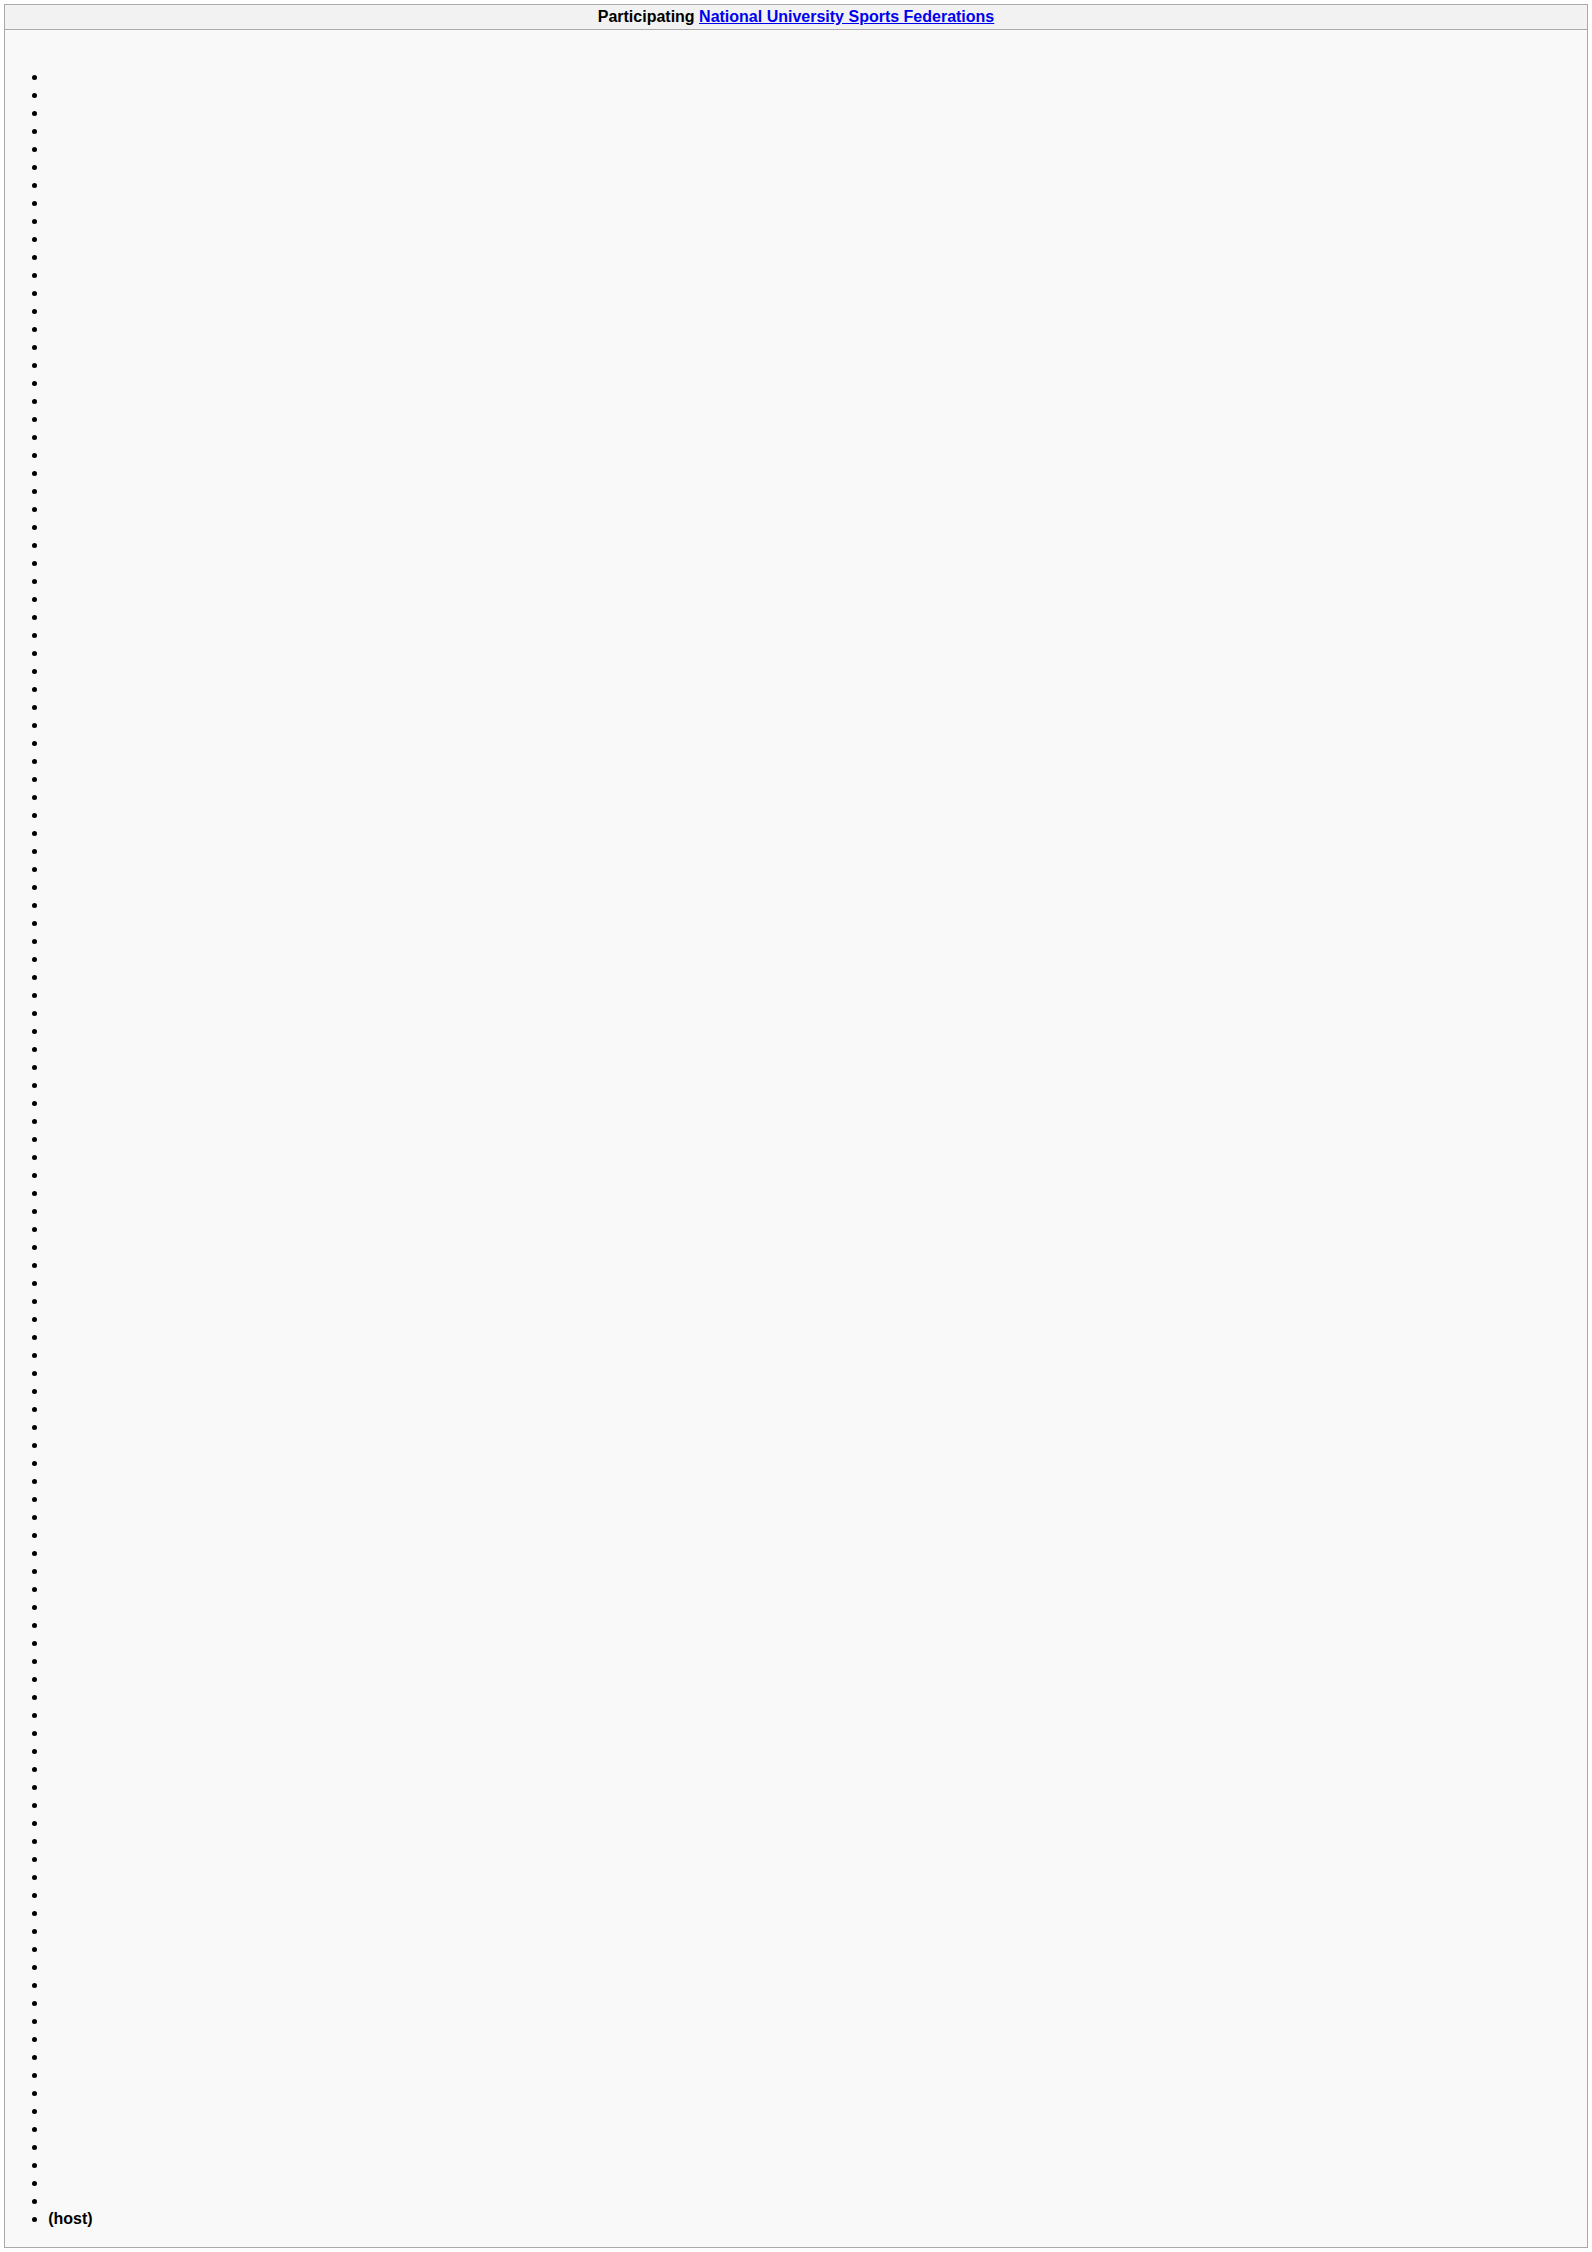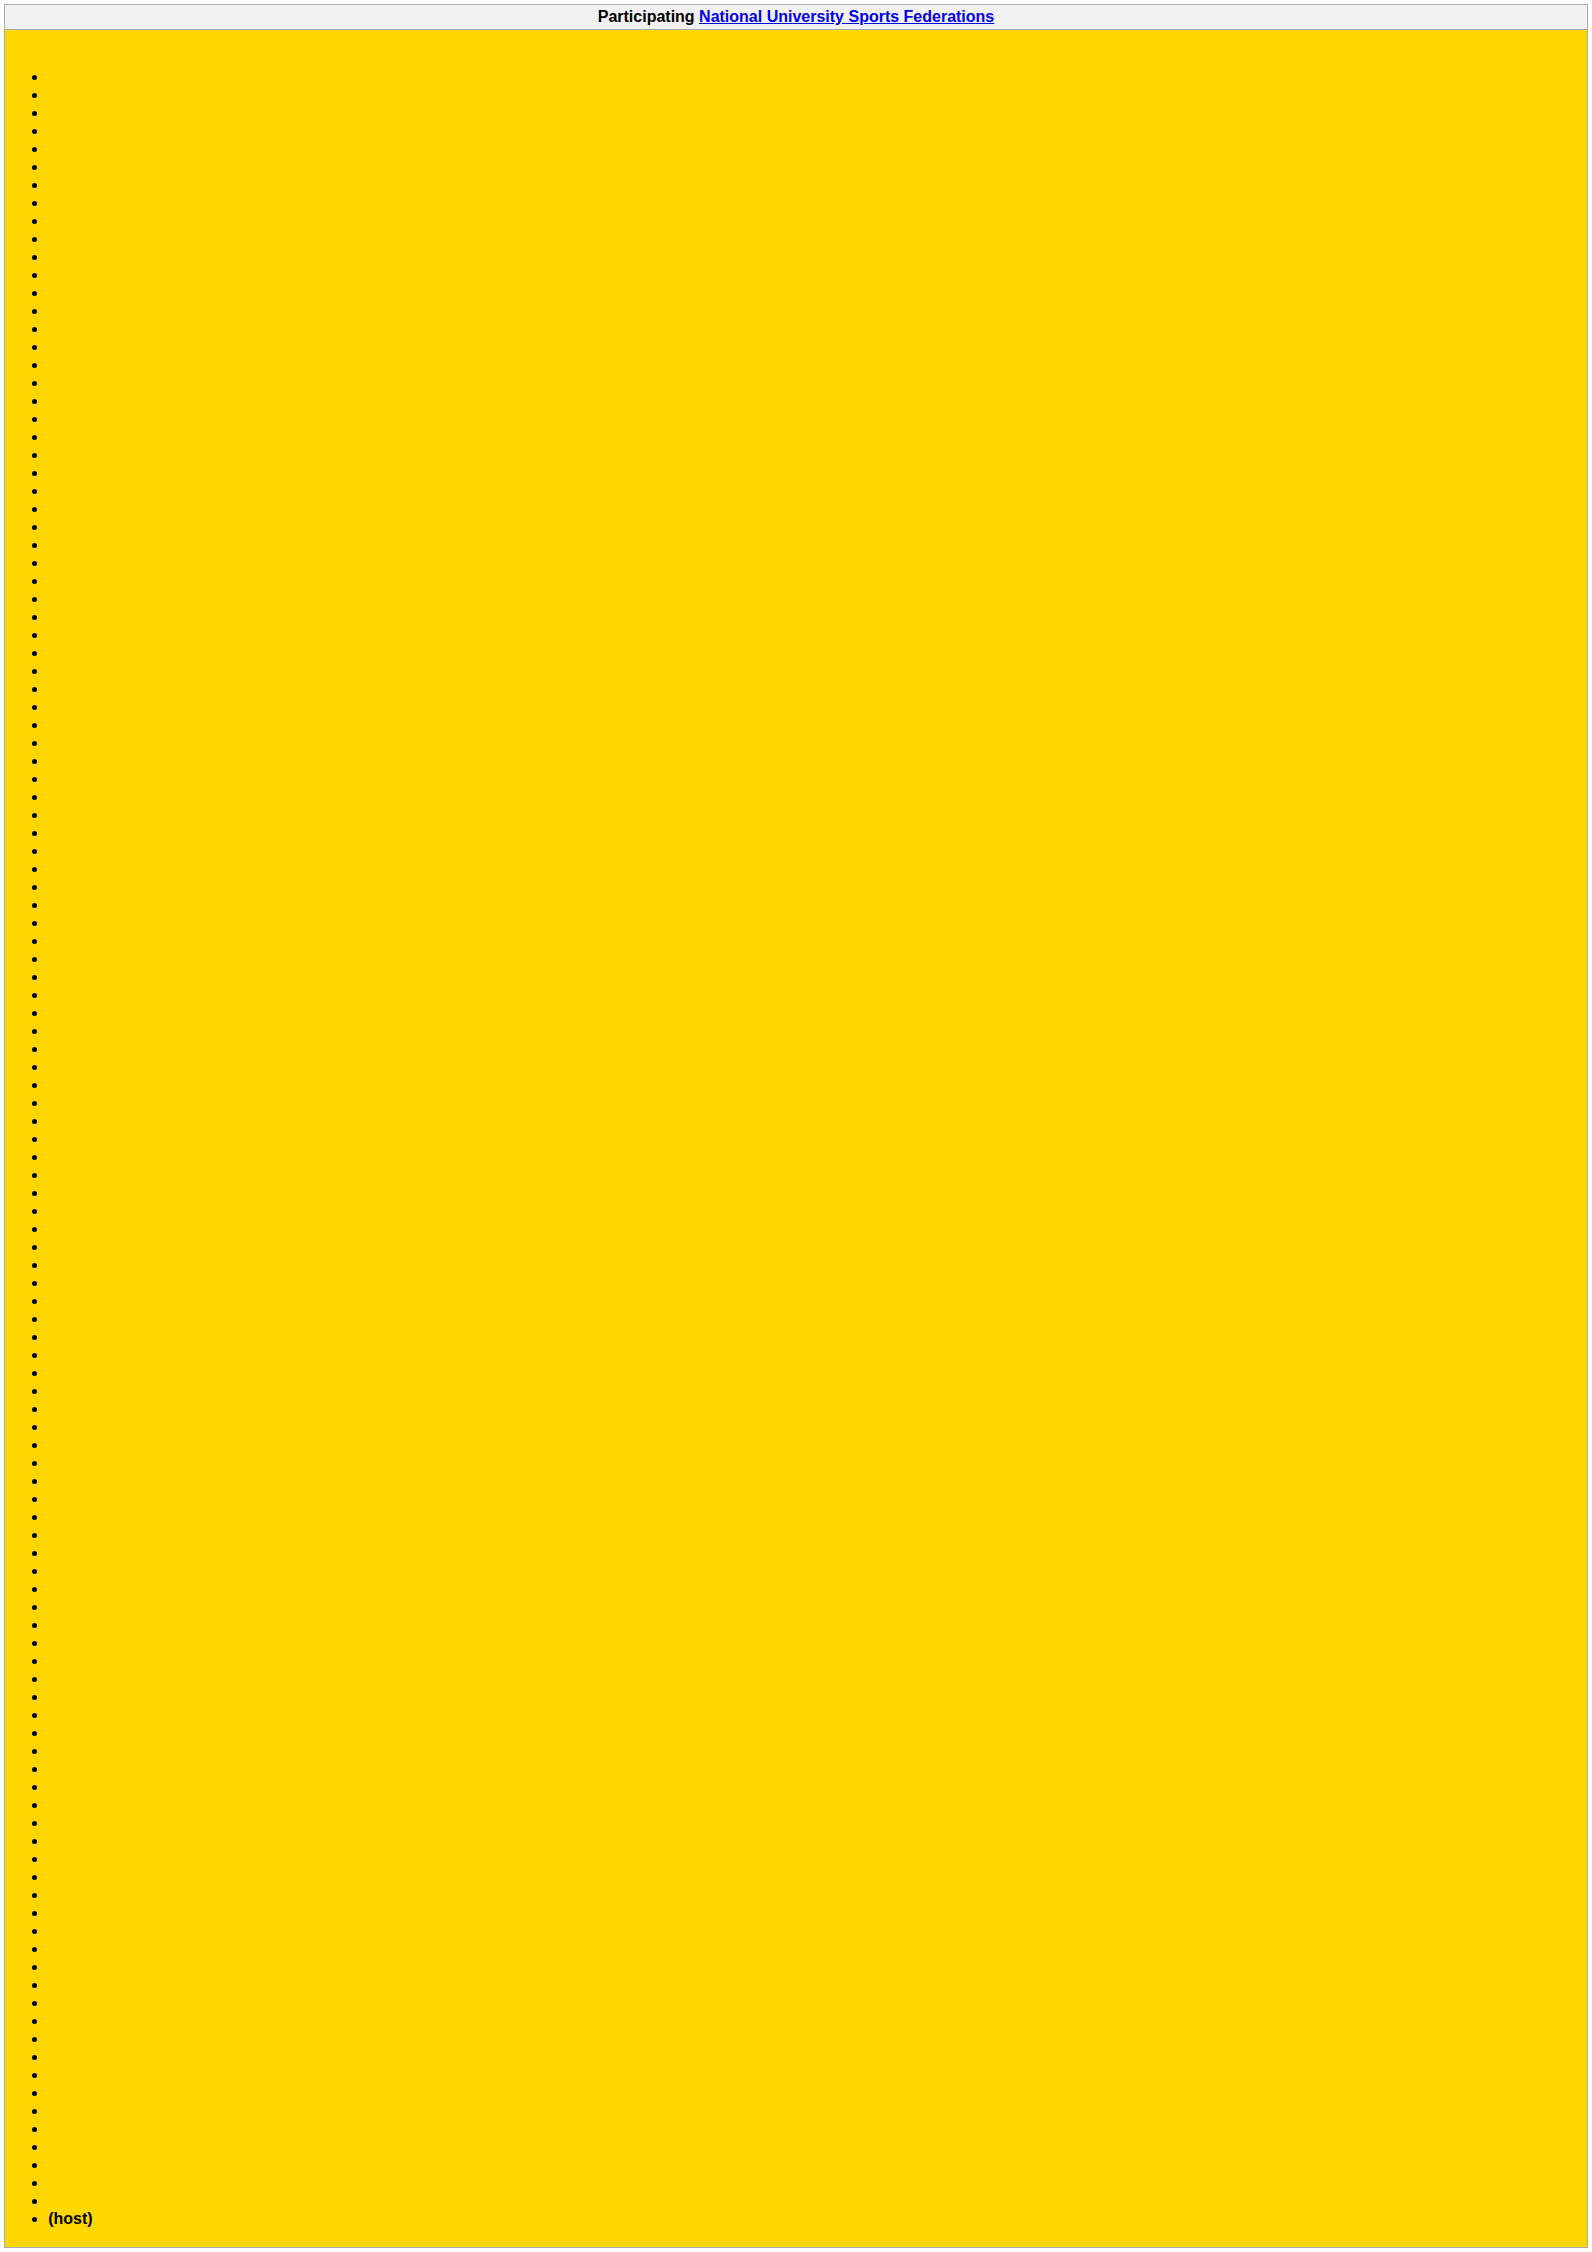 <table class="wikitable collapsible" style="width:100%;">
 <tr>
 <th>Participating <a href='#'>National University Sports Federations</a></th>
 </tr>
 <tr>
-<td><br><ul><li></li><li></li><li></li><li></li><li></li><li></li><li></li><li></li><li></li><li> </li><li></li><li></li><li></li><li></li><li></li><li></li><li></li><li></li><li></li><li></li><li></li><li></li><li></li><li></li><li></li><li></li><li></li><li></li><li></li><li></li><li> </li><li></li><li></li><li></li><li></li><li></li><li></li><li></li><li></li><li></li><li></li><li></li><li></li><li></li><li></li><li></li><li></li><li></li><li></li><li></li><li></li><li></li><li></li><li></li><li></li><li></li><li></li><li></li><li></li><li></li><li></li><li></li><li></li><li></li><li></li><li></li><li></li><li></li><li></li><li></li><li></li><li></li><li></li><li></li><li></li><li></li><li></li><li></li><li></li><li></li><li></li><li></li><li></li><li></li><li></li><li> </li><li></li><li></li><li></li><li></li><li></li><li></li><li></li><li></li><li></li><li></li><li></li><li></li><li></li><li></li><li></li><li></li><li></li><li></li><li></li><li></li><li></li><li> </li><li></li><li></li><li></li><li></li><li></li><li></li><li></li><li></li><li></li><li></li><li></li><li><strong> (host)</strong></li></ul></td>
+<td style="background: gold;"><br><ul><li></li><li></li><li></li><li></li><li></li><li></li><li></li><li></li><li></li><li> </li><li></li><li></li><li></li><li></li><li></li><li></li><li></li><li></li><li></li><li></li><li></li><li></li><li></li><li></li><li></li><li></li><li></li><li></li><li></li><li></li><li> </li><li></li><li></li><li></li><li></li><li></li><li></li><li></li><li></li><li></li><li></li><li></li><li></li><li></li><li></li><li></li><li></li><li></li><li></li><li></li><li></li><li></li><li></li><li></li><li></li><li></li><li></li><li></li><li></li><li></li><li></li><li></li><li></li><li></li><li></li><li></li><li></li><li></li><li></li><li></li><li></li><li></li><li></li><li></li><li></li><li></li><li></li><li></li><li></li><li></li><li></li><li></li><li></li><li></li><li></li><li> </li><li></li><li></li><li></li><li></li><li></li><li></li><li></li><li></li><li></li><li></li><li></li><li></li><li></li><li></li><li></li><li></li><li></li><li></li><li></li><li></li><li></li><li> </li><li></li><li></li><li></li><li></li><li></li><li></li><li></li><li></li><li></li><li></li><li></li><li><strong> (host)</strong></li></ul></td>
 </tr>
 </table>
